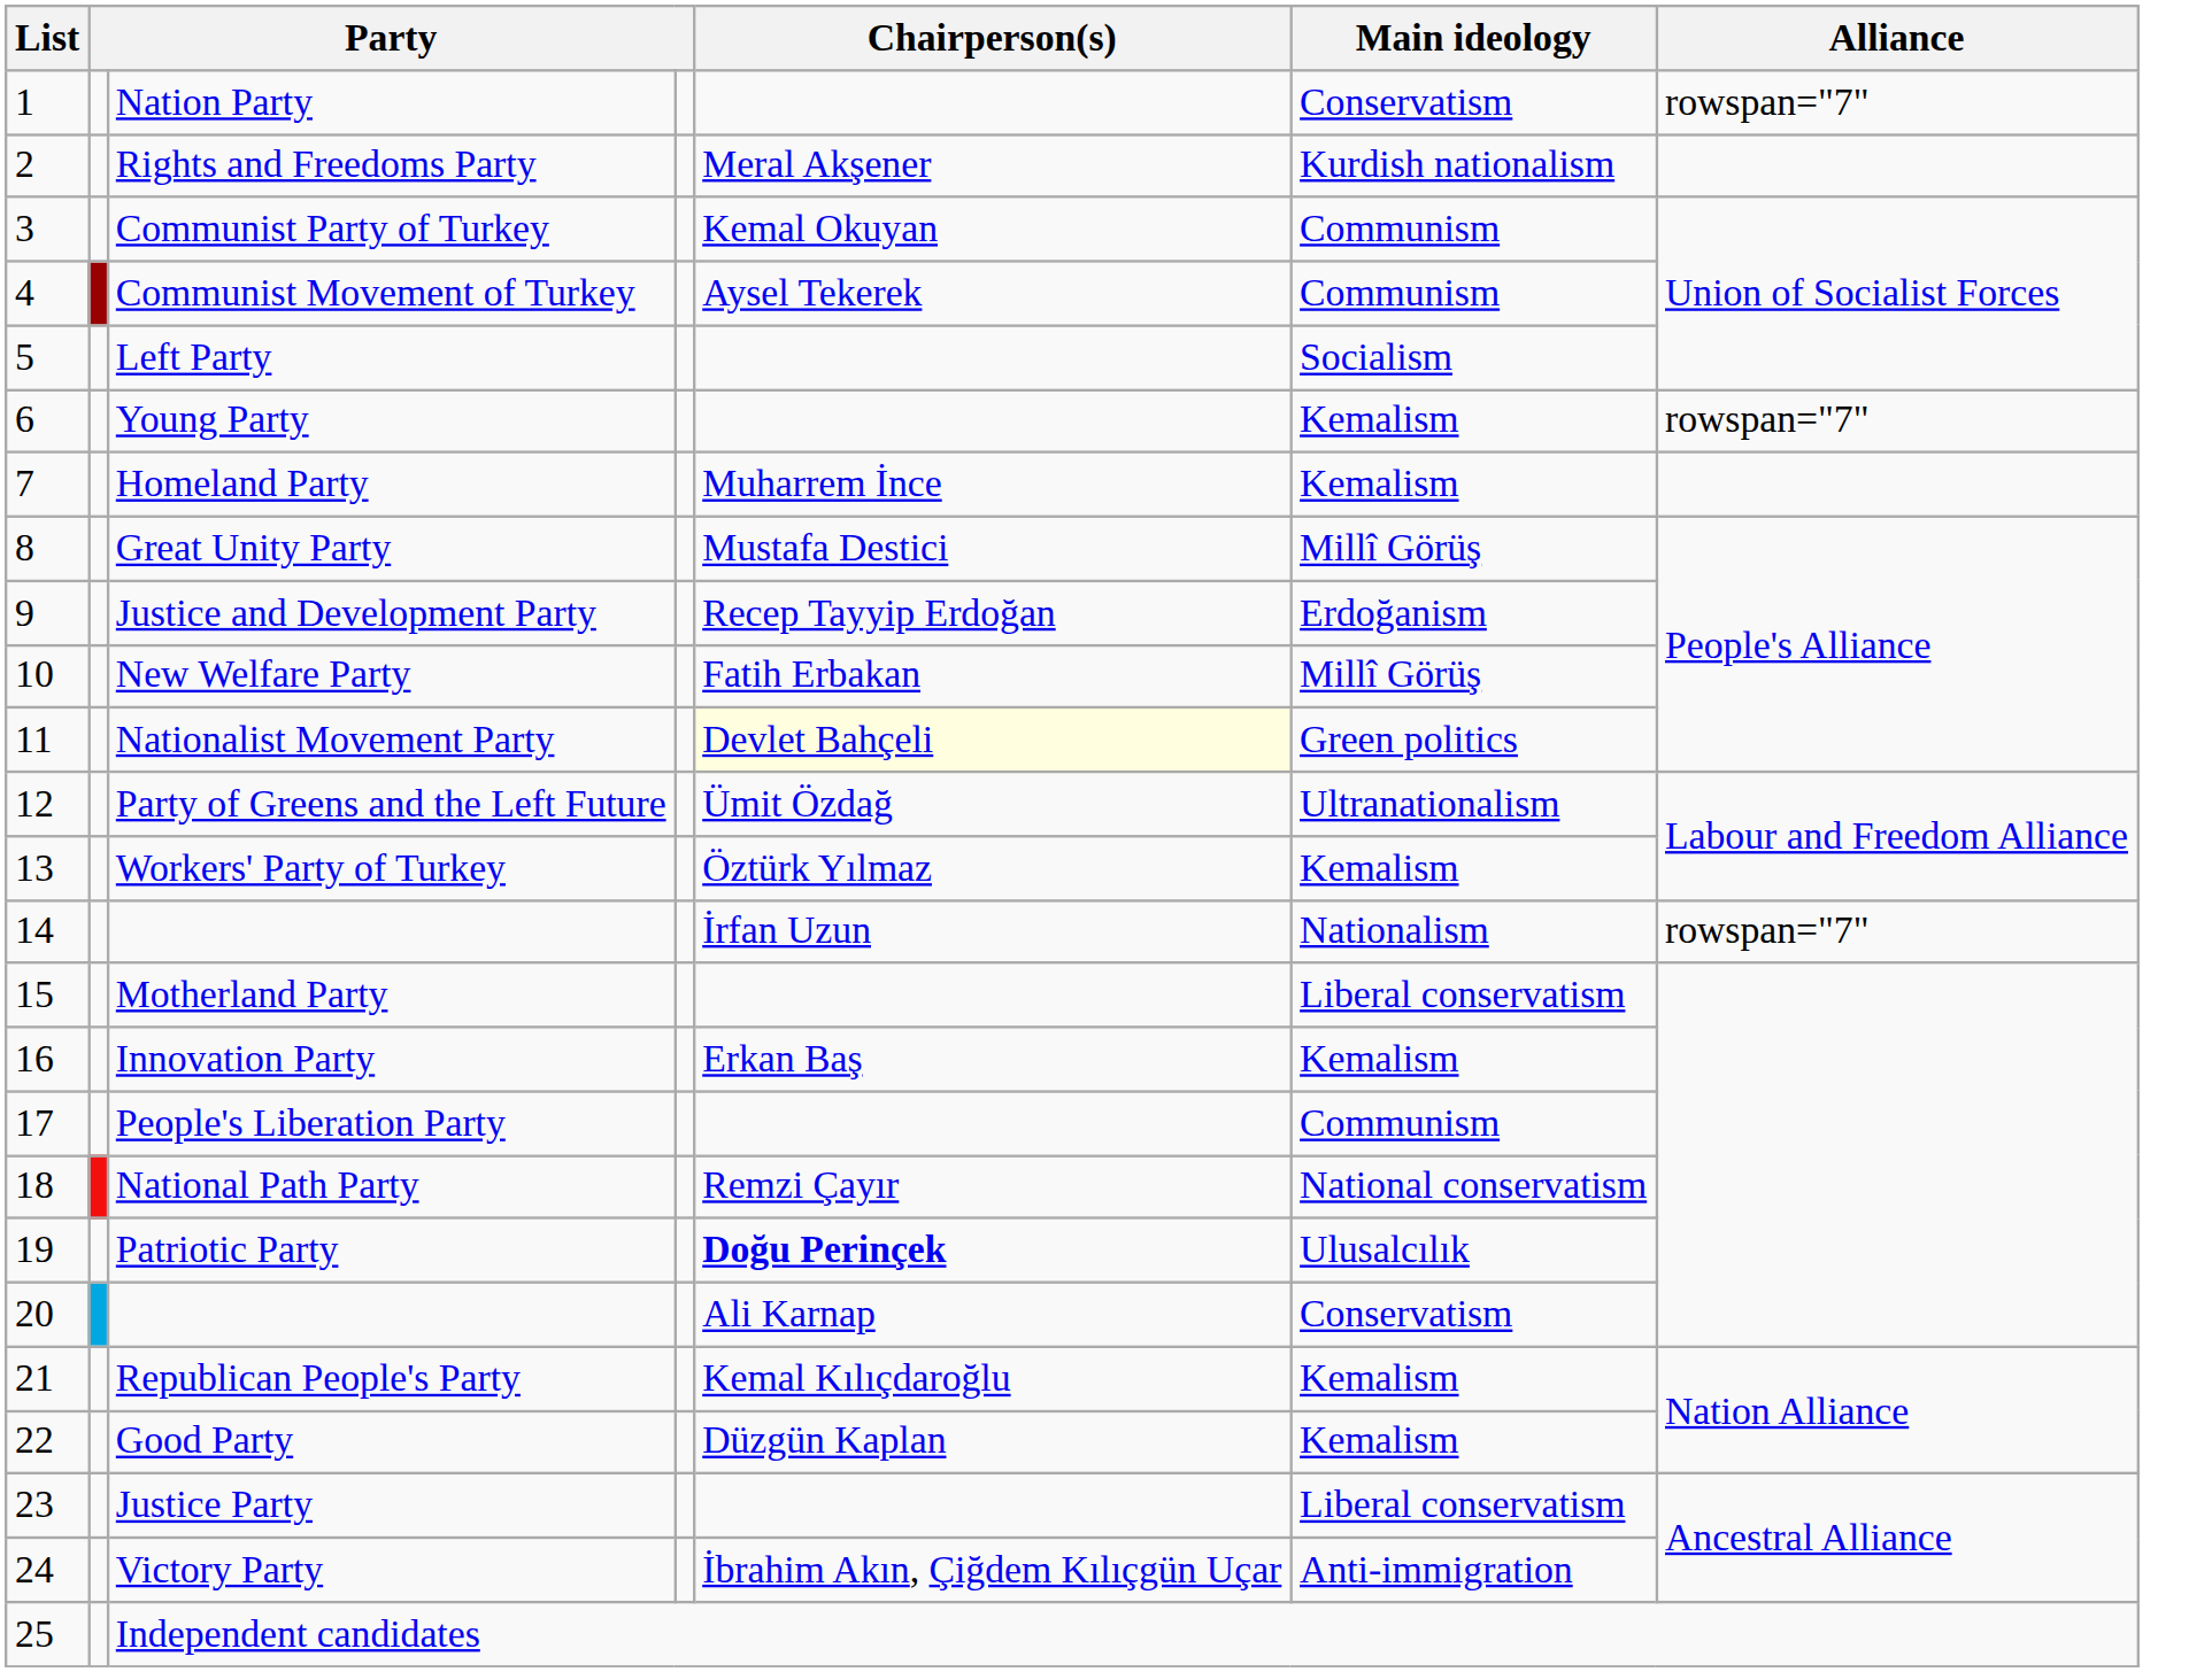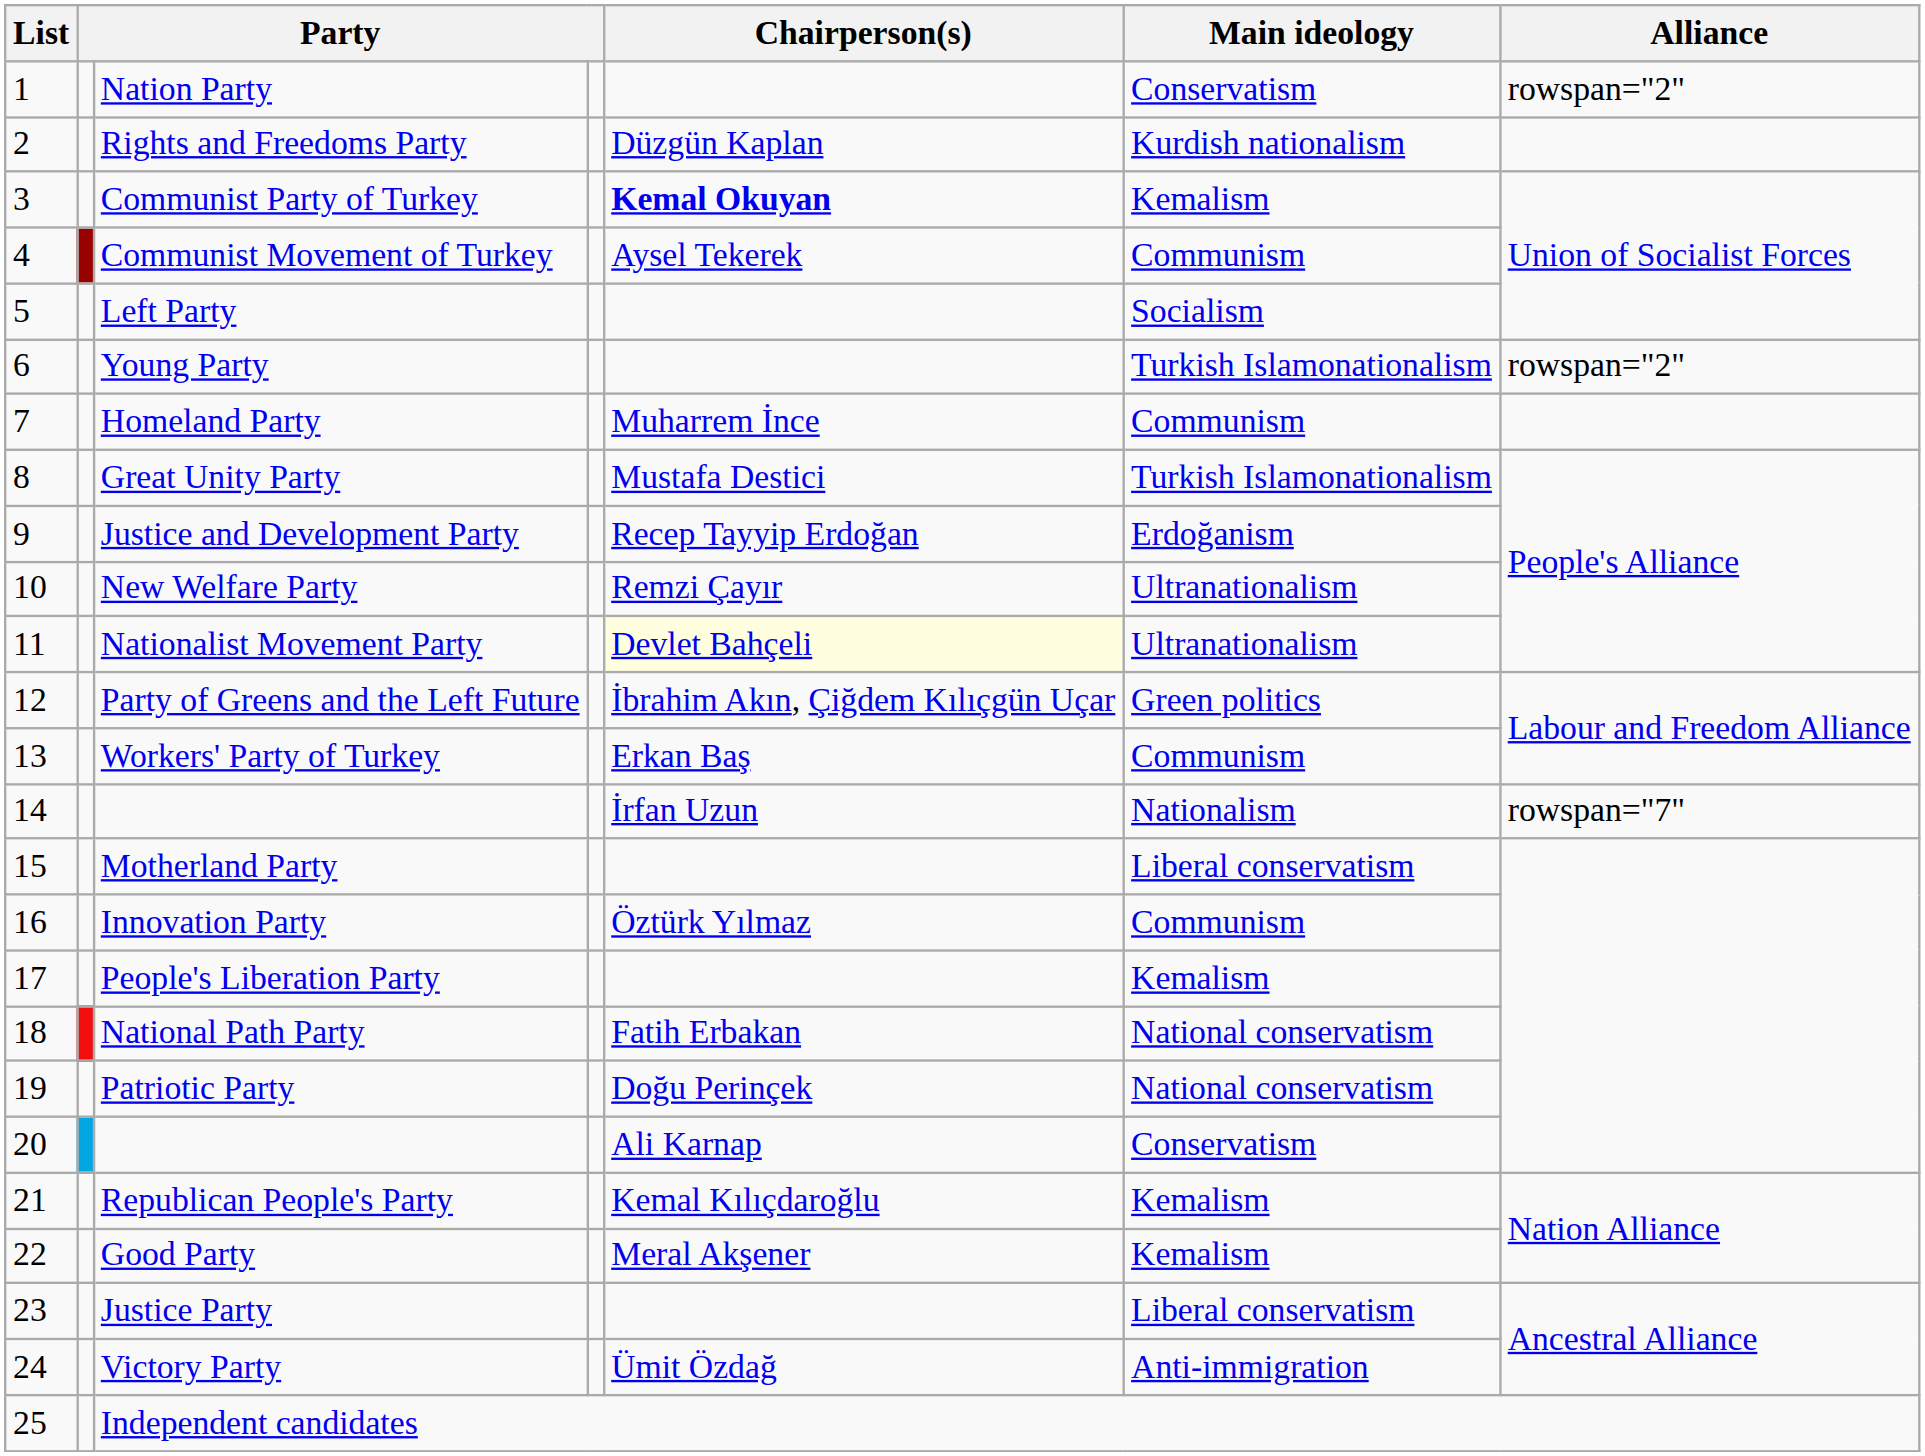 <table class="wikitable mw-uncollapsed" style="text-align:left; font-size:90%">
 <tr>
 <th>List</th>
 <th colspan="3">Party</th>
 <th>Chairperson(s)</th>
 <th>Main ideology</th>
 <th>Alliance</th>
 </tr>
 <tr>
 <td>1</td>
 <td style="background:"></td>
 <td><a href='#'>Nation Party</a></td>
 <td></td>
 <td></td>
 <td><a href='#'>Conservatism</a></td>
-<td>rowspan="7" </td>
+<td>rowspan="2" </td>
 </tr>
 <tr>
 <td>2</td>
 <td style="background:"></td>
 <td><a href='#'>Rights and Freedoms Party</a></td>
 <td></td>
-<td><a href='#'>Meral Akşener</a></td>
+<td><a href='#'>Düzgün Kaplan</a></td>
 <td><a href='#'>Kurdish nationalism</a></td>
 </tr>
 <tr>
 <td>3</td>
 <td style="background:"></td>
 <td><a href='#'>Communist Party of Turkey</a></td>
 <td></td>
-<td><a href='#'>Kemal Okuyan</a></td>
-<td><a href='#'>Communism</a></td>
+<td><strong><a href='#'>Kemal Okuyan</a></strong></td>
+<td><a href='#'>Kemalism</a></td>
 <td rowspan="3"><a href='#'>Union of Socialist Forces</a></td>
 </tr>
 <tr>
 <td>4</td>
 <td style="background:#990000;"></td>
 <td><a href='#'>Communist Movement of Turkey</a></td>
 <td></td>
 <td><a href='#'>Aysel Tekerek</a></td>
 <td><a href='#'>Communism</a></td>
 </tr>
 <tr>
 <td>5</td>
 <td style="background:"></td>
 <td><a href='#'>Left Party</a></td>
 <td></td>
 <td></td>
 <td><a href='#'>Socialism</a></td>
 </tr>
 <tr>
 <td>6</td>
 <td style="background:"></td>
 <td><a href='#'>Young Party</a></td>
 <td></td>
 <td></td>
-<td><a href='#'>Kemalism</a></td>
-<td>rowspan="7" </td>
+<td><a href='#'>Turkish Islamonationalism</a></td>
+<td>rowspan="2" </td>
 </tr>
 <tr>
 <td>7</td>
 <td style="background:"></td>
 <td><a href='#'>Homeland Party</a></td>
 <td></td>
 <td><a href='#'>Muharrem İnce</a></td>
-<td><a href='#'>Kemalism</a></td>
+<td><a href='#'>Communism</a></td>
 </tr>
 <tr>
 <td>8</td>
 <td style="background:"></td>
 <td><a href='#'>Great Unity Party</a></td>
 <td></td>
 <td><a href='#'>Mustafa Destici</a></td>
-<td><a href='#'>Millî Görüş</a></td>
+<td><a href='#'>Turkish Islamonationalism</a></td>
 <td rowspan="4"><a href='#'>People's Alliance</a></td>
 </tr>
 <tr>
 <td>9</td>
 <td style="background:"></td>
 <td><a href='#'>Justice and Development Party</a></td>
 <td></td>
 <td><a href='#'>Recep Tayyip Erdoğan</a></td>
 <td><a href='#'>Erdoğanism</a></td>
 </tr>
 <tr>
 <td>10</td>
 <td style="background:"></td>
 <td><a href='#'>New Welfare Party</a></td>
 <td></td>
-<td><a href='#'>Fatih Erbakan</a></td>
-<td><a href='#'>Millî Görüş</a></td>
+<td><a href='#'>Remzi Çayır</a></td>
+<td><a href='#'>Ultranationalism</a></td>
 </tr>
 <tr>
 <td>11</td>
 <td style="background:"></td>
 <td><a href='#'>Nationalist Movement Party</a></td>
 <td></td>
 <td style="background: lightyellow;"><a href='#'>Devlet Bahçeli</a></td>
-<td><a href='#'>Green politics</a></td>
+<td><a href='#'>Ultranationalism</a></td>
 </tr>
 <tr>
 <td>12</td>
 <td style="background:"></td>
 <td><a href='#'>Party of Greens and the Left Future</a></td>
 <td></td>
-<td><a href='#'>Ümit Özdağ</a></td>
-<td><a href='#'>Ultranationalism</a></td>
+<td><a href='#'>İbrahim Akın</a>, <a href='#'>Çiğdem Kılıçgün Uçar</a></td>
+<td><a href='#'>Green politics</a></td>
 <td rowspan="2"><a href='#'>Labour and Freedom Alliance</a></td>
 </tr>
 <tr>
 <td>13</td>
 <td style="background:"></td>
 <td><a href='#'>Workers' Party of Turkey</a></td>
 <td></td>
-<td><a href='#'>Öztürk Yılmaz</a></td>
-<td><a href='#'>Kemalism</a></td>
+<td><a href='#'>Erkan Baş</a></td>
+<td><a href='#'>Communism</a></td>
 </tr>
 <tr>
 <td>14</td>
 <td style="background:"></td>
 <td></td>
 <td></td>
 <td><a href='#'>İrfan Uzun</a></td>
 <td><a href='#'>Nationalism</a></td>
 <td>rowspan="7" </td>
 </tr>
 <tr>
 <td>15</td>
 <td style="background:"></td>
 <td><a href='#'>Motherland Party</a></td>
 <td></td>
 <td></td>
 <td><a href='#'>Liberal conservatism</a></td>
 </tr>
 <tr>
 <td>16</td>
 <td style="background:"></td>
 <td><a href='#'>Innovation Party</a></td>
 <td></td>
-<td><a href='#'>Erkan Baş</a></td>
-<td><a href='#'>Kemalism</a></td>
+<td><a href='#'>Öztürk Yılmaz</a></td>
+<td><a href='#'>Communism</a></td>
 </tr>
 <tr>
 <td>17</td>
 <td style="background:"></td>
 <td><a href='#'>People's Liberation Party</a></td>
 <td></td>
 <td></td>
-<td><a href='#'>Communism</a></td>
+<td><a href='#'>Kemalism</a></td>
 </tr>
 <tr>
 <td>18</td>
 <td style="background:#F40F0F;"></td>
 <td><a href='#'>National Path Party</a></td>
 <td></td>
-<td><a href='#'>Remzi Çayır</a></td>
+<td><a href='#'>Fatih Erbakan</a></td>
 <td><a href='#'>National conservatism</a></td>
 </tr>
 <tr>
 <td>19</td>
 <td style="background:"></td>
 <td><a href='#'>Patriotic Party</a></td>
 <td></td>
-<td><strong><a href='#'>Doğu Perinçek</a></strong></td>
-<td><a href='#'>Ulusalcılık</a></td>
+<td><a href='#'>Doğu Perinçek</a></td>
+<td><a href='#'>National conservatism</a></td>
 </tr>
 <tr>
 <td>20</td>
 <td style="background:#01A7E1;"></td>
 <td></td>
 <td></td>
 <td><a href='#'>Ali Karnap</a></td>
 <td><a href='#'>Conservatism</a></td>
 </tr>
 <tr>
 <td>21</td>
 <td style="background:"></td>
 <td><a href='#'>Republican People's Party</a></td>
 <td></td>
 <td><a href='#'>Kemal Kılıçdaroğlu</a></td>
 <td><a href='#'>Kemalism</a></td>
 <td rowspan="2"><a href='#'>Nation Alliance</a></td>
 </tr>
 <tr>
 <td>22</td>
 <td style="background:"></td>
 <td><a href='#'>Good Party</a></td>
 <td></td>
-<td><a href='#'>Düzgün Kaplan</a></td>
+<td><a href='#'>Meral Akşener</a></td>
 <td><a href='#'>Kemalism</a></td>
 </tr>
 <tr>
 <td>23</td>
 <td style="background:"></td>
 <td><a href='#'>Justice Party</a></td>
 <td></td>
 <td></td>
 <td><a href='#'>Liberal conservatism</a></td>
 <td rowspan="2"><a href='#'>Ancestral Alliance</a></td>
 </tr>
 <tr>
 <td>24</td>
 <td style="background:"></td>
 <td><a href='#'>Victory Party</a></td>
 <td></td>
-<td><a href='#'>İbrahim Akın</a>, <a href='#'>Çiğdem Kılıçgün Uçar</a></td>
+<td><a href='#'>Ümit Özdağ</a></td>
 <td><a href='#'>Anti-immigration</a></td>
 </tr>
 <tr>
 <td>25</td>
 <td style="background:"></td>
 <td colspan="5"><a href='#'>Independent candidates</a></td>
 </tr>
 </table>
